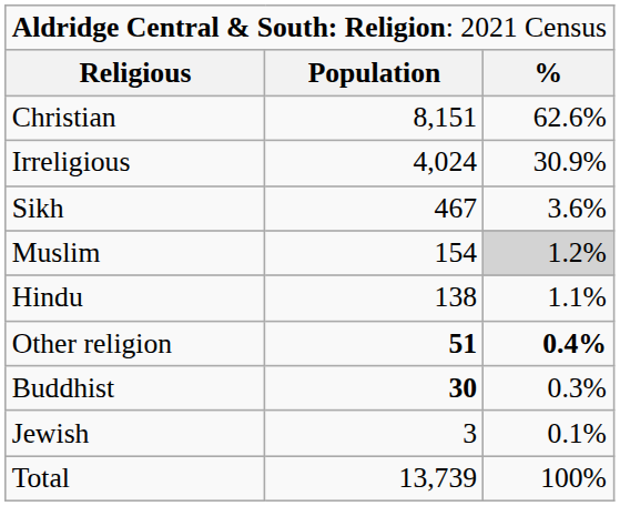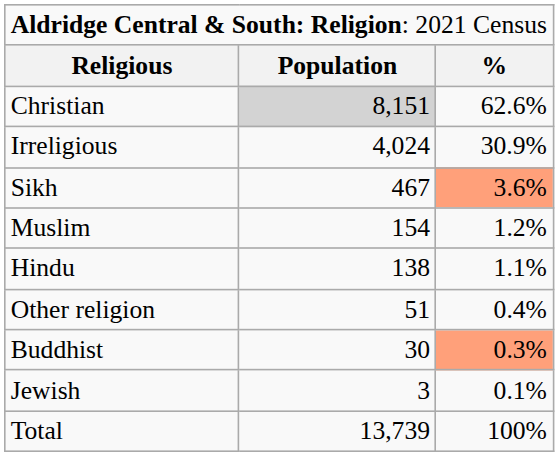 <table class="wikitable">
 <tr>
 <td colspan="14" style="text-align:right;"><strong>Aldridge Central & South: Religion</strong>: 2021 Census</td>
 </tr>
 <tr>
 <th>Religious</th>
 <th>Population</th>
 <th>%</th>
 </tr>
 <tr>
 <td>Christian</td>
-<td style="text-align:right;">8,151</td>
+<td style="background: lightgrey; text-align:right;">8,151</td>
 <td style="text-align:right;">62.6%</td>
 </tr>
 <tr>
 <td>Irreligious</td>
 <td style="text-align:right;">4,024</td>
 <td style="text-align:right;">30.9%</td>
 </tr>
 <tr>
 <td>Sikh</td>
 <td style="text-align:right;">467</td>
-<td style="text-align:right;">3.6%</td>
+<td style="background: lightsalmon; text-align:right;">3.6%</td>
 </tr>
 <tr>
 <td>Muslim</td>
 <td style="text-align:right;">154</td>
-<td style="background: lightgrey; text-align:right;">1.2%</td>
+<td style="text-align:right;">1.2%</td>
 </tr>
 <tr>
 <td>Hindu</td>
 <td style="text-align:right;">138</td>
 <td style="text-align:right;">1.1%</td>
 </tr>
 <tr>
 <td>Other religion</td>
-<td style="text-align:right;"><strong>51</strong></td>
-<td style="text-align:right;"><strong>0.4%</strong></td>
+<td style="text-align:right;">51</td>
+<td style="text-align:right;">0.4%</td>
 </tr>
 <tr>
 <td>Buddhist</td>
-<td style="text-align:right;"><strong>30</strong></td>
-<td style="text-align:right;">0.3%</td>
+<td style="text-align:right;">30</td>
+<td style="background: lightsalmon; text-align:right;">0.3%</td>
 </tr>
 <tr>
 <td>Jewish</td>
 <td style="text-align:right;">3</td>
 <td style="text-align:right;">0.1%</td>
 </tr>
 <tr>
 <td>Total</td>
 <td style="text-align:right;">13,739</td>
 <td style="text-align:right;">100%</td>
 </tr>
 </table>
